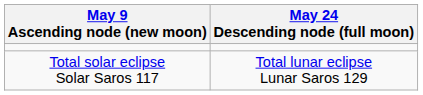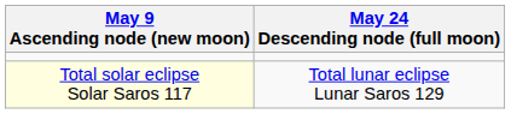 <table class="wikitable">
 <tr>
 <th><a href='#'>May 9</a><br>Ascending node (new moon)</th>
 <th><a href='#'>May 24</a><br>Descending node (full moon)</th>
 </tr>
 <tr>
 <td></td>
 <td></td>
 </tr>
 <tr align=center>
-<td><a href='#'>Total solar eclipse</a><br>Solar Saros 117</td>
+<td style="background: lightyellow;"><a href='#'>Total solar eclipse</a><br>Solar Saros 117</td>
 <td><a href='#'>Total lunar eclipse</a><br>Lunar Saros 129</td>
 </tr>
 </table>
